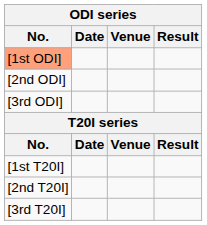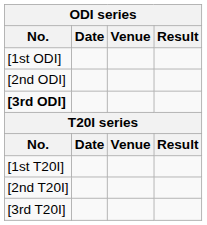 <table class="wikitable">
 <tr>
 <th colspan="4">ODI series</th>
 </tr>
 <tr>
 <th>No.</th>
 <th>Date</th>
 <th>Venue</th>
 <th>Result</th>
 </tr>
 <tr>
-<td style="background: lightsalmon;">[1st ODI]</td>
+<td>[1st ODI]</td>
 <td></td>
 <td></td>
 <td></td>
 </tr>
 <tr>
 <td>[2nd ODI]</td>
 <td></td>
 <td></td>
 <td></td>
 </tr>
 <tr>
-<td>[3rd ODI]</td>
+<td><strong>[3rd ODI]</strong></td>
 <td></td>
 <td></td>
 <td></td>
 </tr>
 <tr>
 <th colspan="4">T20I series</th>
 </tr>
 <tr>
 <th>No.</th>
 <th>Date</th>
 <th>Venue</th>
 <th>Result</th>
 </tr>
 <tr>
 <td>[1st T20I]</td>
 <td></td>
 <td></td>
 <td></td>
 </tr>
 <tr>
 <td>[2nd T20I]</td>
 <td></td>
 <td></td>
 <td></td>
 </tr>
 <tr>
 <td>[3rd T20I]</td>
 <td></td>
 <td></td>
 <td></td>
 </tr>
 </table>
